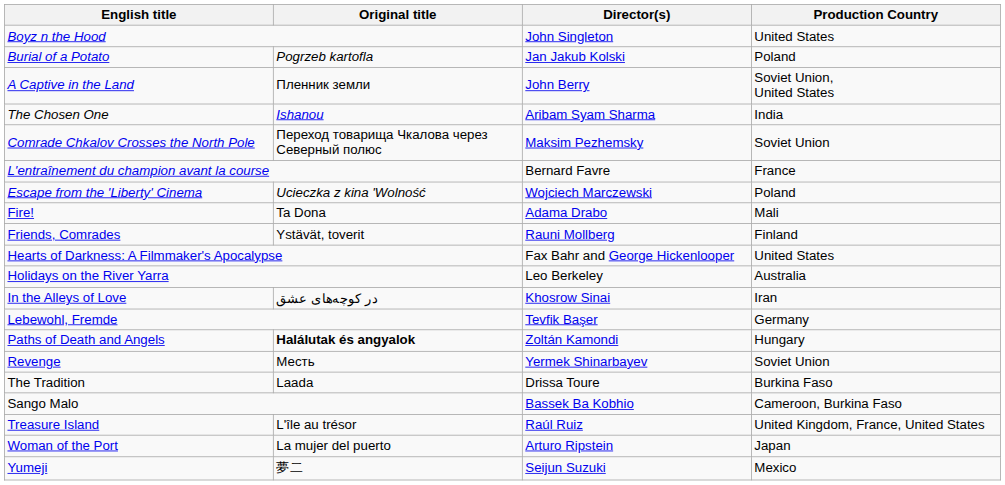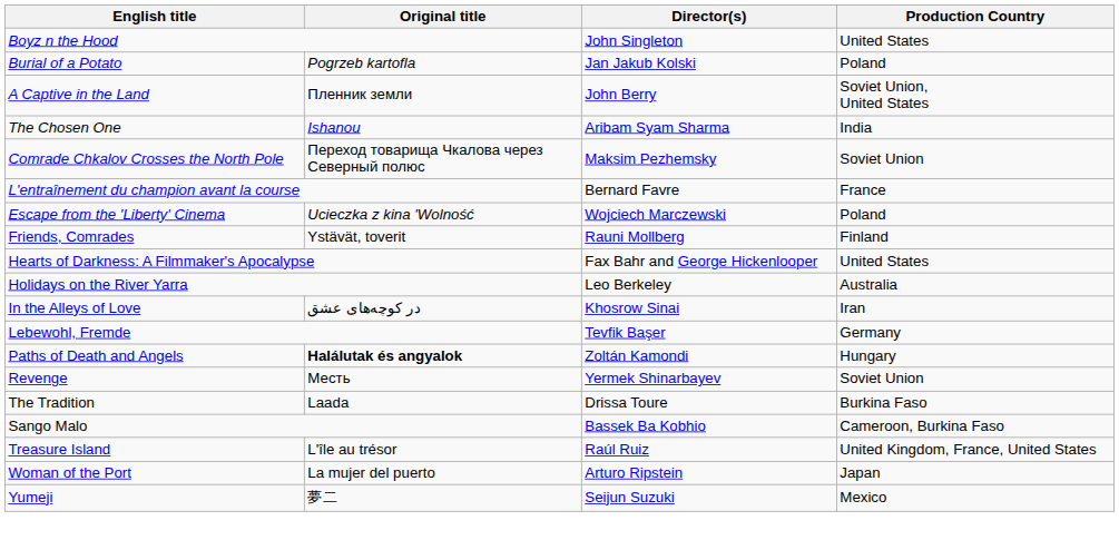 <table class="wikitable" width="95%" cellpadding="5">
 <tr>
 <th width="27%">English title</th>
 <th width="25%">Original title</th>
 <th width="23%">Director(s)</th>
 <th width="25%">Production Country</th>
 </tr>
 <tr>
 <td colspan="2" data-sort-value="Assassin"><em><a href='#'>Boyz n the Hood</a></em></td>
 <td><a href='#'>John Singleton</a></td>
 <td>United States</td>
 </tr>
 <tr>
 <td><em><a href='#'>Burial of a Potato</a></em></td>
 <td><em>Pogrzeb kartofla</em></td>
 <td><a href='#'>Jan Jakub Kolski</a></td>
 <td>Poland</td>
 </tr>
 <tr>
 <td><em><a href='#'>A Captive in the Land</a></em></td>
 <td>Пленник земли</td>
 <td><a href='#'>John Berry</a></td>
 <td>Soviet Union,<br>United States</td>
 </tr>
 <tr>
 <td><em>The Chosen One</em></td>
 <td><em><a href='#'>Ishanou</a></em></td>
 <td><a href='#'>Aribam Syam Sharma</a></td>
 <td>India</td>
 </tr>
 <tr>
 <td><em><a href='#'>Comrade Chkalov Crosses the North Pole</a></em></td>
 <td>Переход товарища Чкалова через Северный полюс</td>
 <td><a href='#'>Maksim Pezhemsky</a></td>
 <td>Soviet Union</td>
 </tr>
 <tr>
 <td colspan="2"><em><a href='#'>L'entraînement du champion avant la course</a></em></td>
 <td>Bernard Favre</td>
 <td>France</td>
 </tr>
 <tr>
 <td><em><a href='#'>Escape from the 'Liberty' Cinema</a></em></td>
 <td><em>Ucieczka z kina 'Wolność<strong></td>
 <td><a href='#'>Wojciech Marczewski</a></td>
 <td>Poland</td>
-</tr>
-<tr>
-<td></em><a href='#'>Fire!</a><em></td>
-<td></em>Ta Dona<em></td>
-<td><a href='#'>Adama Drabo</a></td>
-<td>Mali</td>
 </tr>
 <tr>
 <td></em><a href='#'>Friends, Comrades</a><em></td>
 <td></em>Ystävät, toverit<em></td>
 <td><a href='#'>Rauni Mollberg</a></td>
 <td>Finland</td>
 </tr>
 <tr>
 <td colspan="2"></em><a href='#'>Hearts of Darkness: A Filmmaker's Apocalypse</a><em></td>
 <td>Fax Bahr and <a href='#'>George Hickenlooper</a></td>
 <td>United States</td>
 </tr>
 <tr>
 <td colspan="2"></em><a href='#'>Holidays on the River Yarra</a><em></td>
 <td>Leo Berkeley</td>
 <td>Australia</td>
 </tr>
 <tr>
 <td></em><a href='#'>In the Alleys of Love</a><em></td>
 <td>در کوچه‌های عشق</td>
 <td><a href='#'>Khosrow Sinai</a></td>
 <td>Iran</td>
 </tr>
 <tr>
 <td colspan="2"></em><a href='#'>Lebewohl, Fremde</a><em></td>
 <td><a href='#'>Tevfik Başer</a></td>
 <td>Germany</td>
 </tr>
 <tr>
 <td></em><a href='#'>Paths of Death and Angels</a><em></td>
 <td><strong></em>Halálutak és angyalok<em></strong></td>
 <td><a href='#'>Zoltán Kamondi</a></td>
 <td>Hungary</td>
 </tr>
 <tr>
 <td></em><a href='#'>Revenge</a><em></td>
 <td>Месть</td>
 <td><a href='#'>Yermek Shinarbayev</a></td>
 <td>Soviet Union</td>
 </tr>
 <tr>
 <td></em>The Tradition<em></td>
 <td></em>Laada<em></td>
 <td>Drissa Toure</td>
 <td>Burkina Faso</td>
 </tr>
 <tr>
 <td colspan="2"></em>Sango Malo<em></td>
 <td><a href='#'>Bassek Ba Kobhio</a></td>
 <td>Cameroon, Burkina Faso</td>
 </tr>
 <tr>
 <td><a href='#'></em>Treasure Island<em></a></td>
 <td></em>L'île au trésor<em></td>
 <td><a href='#'>Raúl Ruiz</a></td>
 <td>United Kingdom, France, United States</td>
 </tr>
 <tr>
 <td></em><a href='#'>Woman of the Port</a><em></td>
 <td></em>La mujer del puerto<em></td>
 <td><a href='#'>Arturo Ripstein</a></td>
 <td>Japan</td>
 </tr>
 <tr>
 <td></em><a href='#'>Yumeji</a><em></td>
 <td>夢二</td>
 <td><a href='#'>Seijun Suzuki</a></td>
 <td>Mexico</td>
 </tr>
 </table>
